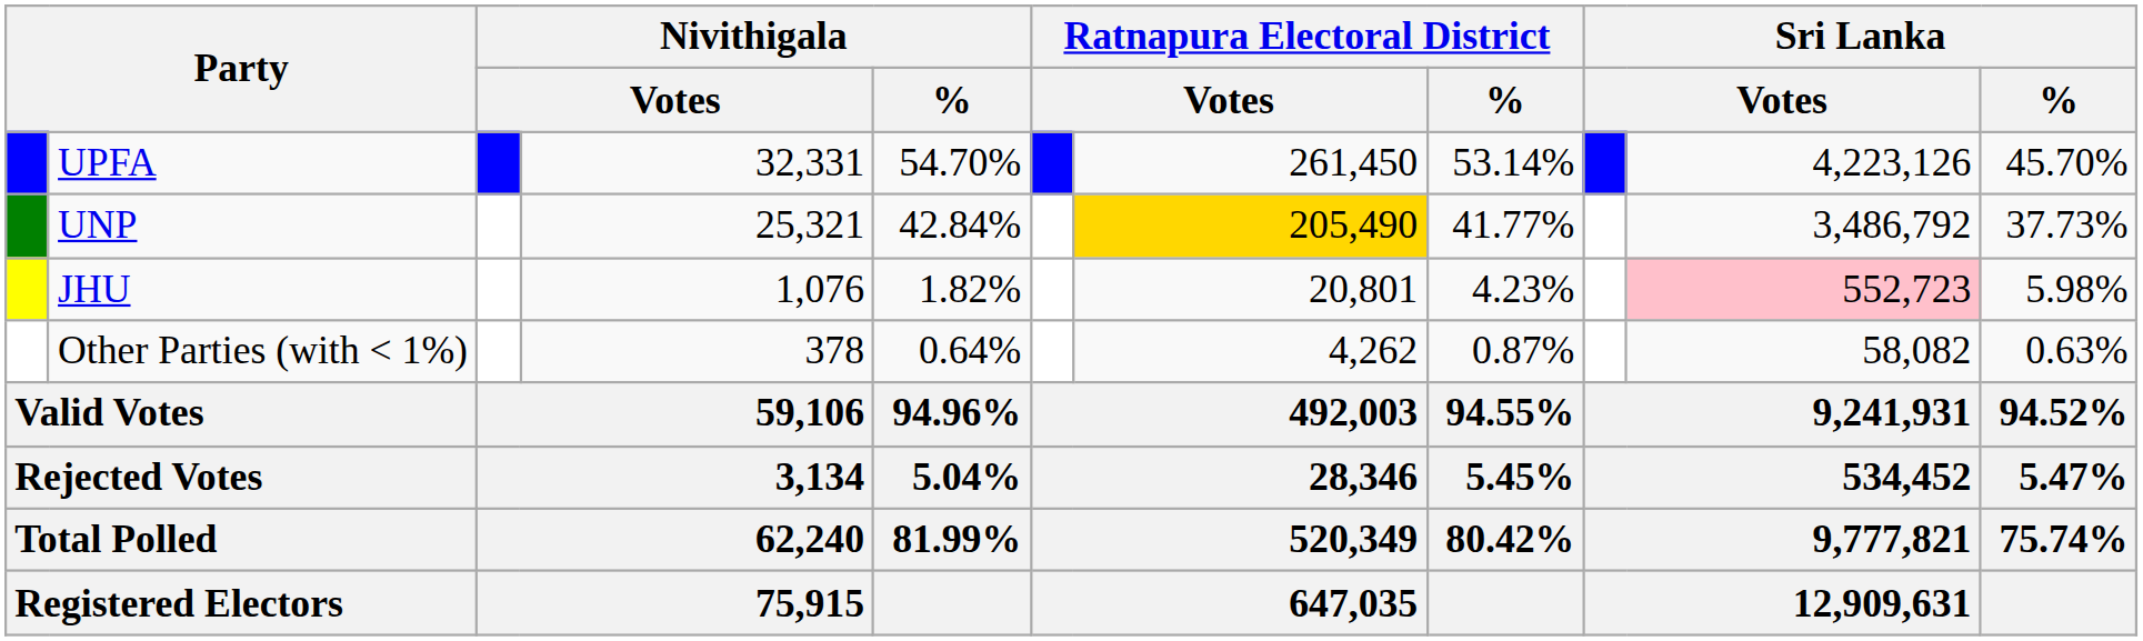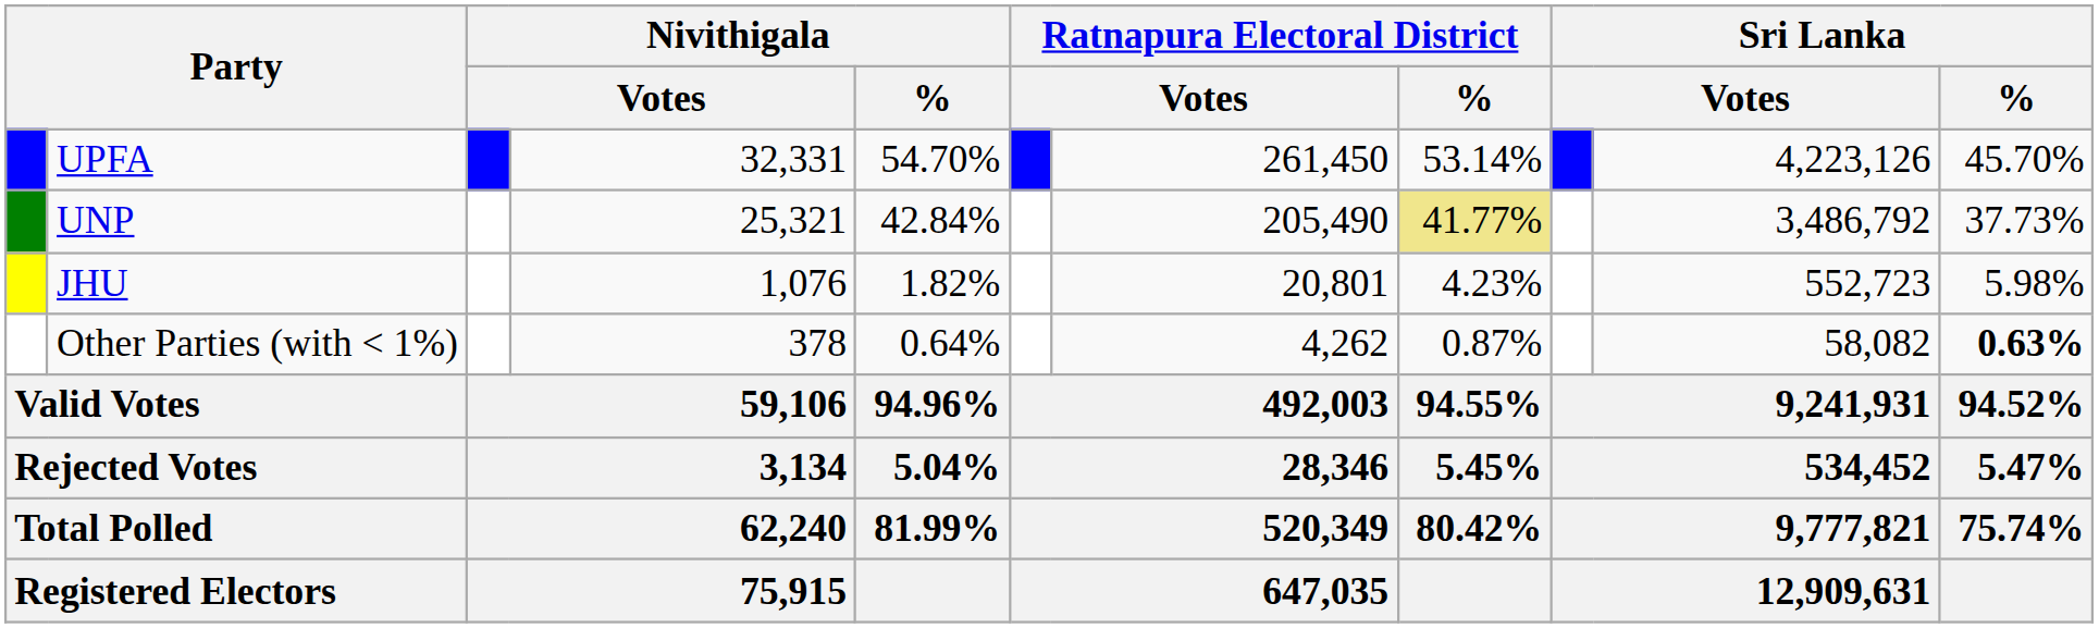 <table class="wikitable">
 <tr>
 <th colspan="2" width="144px"rowspan="2">Party</th>
 <th colspan="3" width="216px">Nivithigala</th>
 <th colspan="3" width="216px"><a href='#'>Ratnapura Electoral District</a></th>
 <th colspan="3" width="216px">Sri Lanka</th>
 </tr>
 <tr>
 <th colspan="2" width="144px">Votes</th>
 <th>%</th>
 <th colspan="2" width="144px">Votes</th>
 <th>%</th>
 <th colspan="2" width="144px">Votes</th>
 <th>%</th>
 </tr>
 <tr>
 <td style="background-color:blue;" width="10px"></td>
 <td style="text-align:left;"><a href='#'>UPFA</a></td>
 <td style="background-color:blue;" width="10px"></td>
 <td style="text-align:right;">32,331</td>
 <td style="text-align:right;">54.70%</td>
 <td style="background-color:blue;" width="10px"></td>
 <td style="text-align:right;">261,450</td>
 <td style="text-align:right;">53.14%</td>
 <td style="background-color:blue;" width="10px"></td>
 <td style="text-align:right;">4,223,126</td>
 <td style="text-align:right;">45.70%</td>
 </tr>
 <tr>
 <td style="background-color:green;" width="10px"></td>
 <td style="text-align:left;"><a href='#'>UNP</a></td>
 <td style="background-color:white;" width="10px"></td>
 <td style="text-align:right;">25,321</td>
 <td style="text-align:right;">42.84%</td>
 <td style="background-color:white;" width="10px"></td>
-<td style="background: gold; text-align:right;">205,490</td>
-<td style="text-align:right;">41.77%</td>
+<td style="text-align:right;">205,490</td>
+<td style="background: khaki; text-align:right;">41.77%</td>
 <td style="background-color:white;" width="10px"></td>
 <td style="text-align:right;">3,486,792</td>
 <td style="text-align:right;">37.73%</td>
 </tr>
 <tr>
 <td style="background-color:yellow;" width="10px"></td>
 <td style="text-align:left;"><a href='#'>JHU</a></td>
 <td style="background-color:white;" width="10px"></td>
 <td style="text-align:right;">1,076</td>
 <td style="text-align:right;">1.82%</td>
 <td style="background-color:white;" width="10px"></td>
 <td style="text-align:right;">20,801</td>
 <td style="text-align:right;">4.23%</td>
 <td style="background-color:white;" width="10px"></td>
-<td style="background: pink; text-align:right;">552,723</td>
+<td style="text-align:right;">552,723</td>
 <td style="text-align:right;">5.98%</td>
 </tr>
 <tr>
 <td style="background-color:white;" width="10px"></td>
 <td style="text-align:left;">Other Parties (with < 1%)</td>
 <td style="background-color:white;" width="10px"></td>
 <td style="text-align:right;">378</td>
 <td style="text-align:right;">0.64%</td>
 <td style="background-color:white;" width="10px"></td>
 <td style="text-align:right;">4,262</td>
 <td style="text-align:right;">0.87%</td>
 <td style="background-color:white;" width="10px"></td>
 <td style="text-align:right;">58,082</td>
-<td style="text-align:right;">0.63%</td>
+<td style="text-align:right;"><strong>0.63%</strong></td>
 </tr>
 <tr>
 <th colspan="2" width="144px"style="text-align:left;">Valid Votes</th>
 <th style="text-align:right;"colspan="2" width="144px">59,106</th>
 <th style="text-align:right;">94.96%</th>
 <th style="text-align:right;"colspan="2" width="144px">492,003</th>
 <th style="text-align:right;">94.55%</th>
 <th style="text-align:right;"colspan="2" width="144px">9,241,931</th>
 <th style="text-align:right;">94.52%</th>
 </tr>
 <tr>
 <th colspan="2" width="144px"style="text-align:left;">Rejected Votes</th>
 <th style="text-align:right;"colspan="2" width="144px">3,134</th>
 <th style="text-align:right;">5.04%</th>
 <th style="text-align:right;"colspan="2" width="144px">28,346</th>
 <th style="text-align:right;">5.45%</th>
 <th style="text-align:right;"colspan="2" width="144px">534,452</th>
 <th style="text-align:right;">5.47%</th>
 </tr>
 <tr>
 <th colspan="2" width="144px"style="text-align:left;">Total Polled</th>
 <th style="text-align:right;"colspan="2" width="144px">62,240</th>
 <th style="text-align:right;">81.99%</th>
 <th style="text-align:right;"colspan="2" width="144px">520,349</th>
 <th style="text-align:right;">80.42%</th>
 <th style="text-align:right;"colspan="2" width="144px">9,777,821</th>
 <th style="text-align:right;">75.74%</th>
 </tr>
 <tr>
 <th colspan="2" width="144px"style="text-align:left;">Registered Electors</th>
 <th style="text-align:right;"colspan="2" width="144px">75,915</th>
 <th></th>
 <th style="text-align:right;"colspan="2" width="144px">647,035</th>
 <th></th>
 <th style="text-align:right;"colspan="2" width="144px">12,909,631</th>
 <th></th>
 </tr>
 </table>
